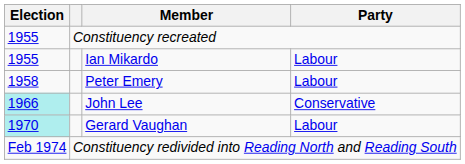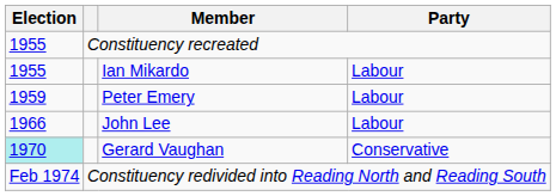 <table class="wikitable">
 <tr>
 <th>Election</th>
 <th></th>
 <th>Member</th>
 <th>Party</th>
 </tr>
 <tr>
 <td><a href='#'>1955</a></td>
 <td colspan="3"><em>Constituency recreated</em></td>
 </tr>
 <tr>
 <td><a href='#'>1955</a></td>
 <td style="color:inherit;background-color: "></td>
 <td><a href='#'>Ian Mikardo</a></td>
 <td><a href='#'>Labour</a></td>
 </tr>
 <tr>
-<td><a href='#'>1958</a></td>
+<td><a href='#'>1959</a></td>
 <td style="color:inherit;background-color: "></td>
 <td><a href='#'>Peter Emery</a></td>
 <td><a href='#'>Labour</a></td>
 </tr>
 <tr>
-<td style="background: paleturquoise;"><a href='#'>1966</a></td>
+<td><a href='#'>1966</a></td>
 <td style="color:inherit;background-color: "></td>
 <td><a href='#'>John Lee</a></td>
-<td><a href='#'>Conservative</a></td>
+<td><a href='#'>Labour</a></td>
 </tr>
 <tr>
 <td style="background: paleturquoise;"><a href='#'>1970</a></td>
 <td style="color:inherit;background-color: "></td>
 <td><a href='#'>Gerard Vaughan</a></td>
-<td><a href='#'>Labour</a></td>
+<td><a href='#'>Conservative</a></td>
 </tr>
 <tr>
 <td><a href='#'>Feb 1974</a></td>
 <td colspan="3"><em>Constituency redivided into <a href='#'>Reading North</a> and <a href='#'>Reading South</a></em></td>
 </tr>
 </table>
